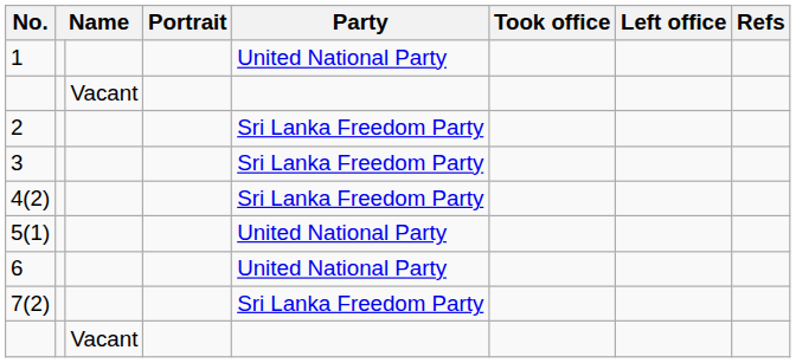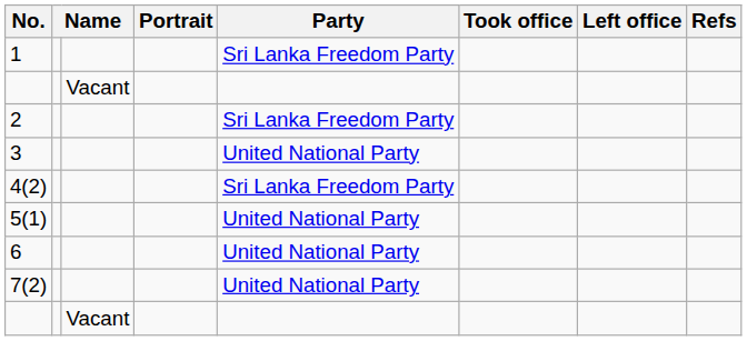 <table class="wikitable plainrowheaders sortable" style="font-size:100%; text-align:left;">
 <tr>
 <th>No.</th>
 <th colspan="2">Name</th>
 <th class=unsortable>Portrait</th>
 <th>Party</th>
 <th>Took office</th>
 <th>Left office</th>
 <th class=unsortable>Refs</th>
 </tr>
 <tr>
 <td>1</td>
 <td !align="center" style="background:"></td>
 <td></td>
 <td></td>
-<td><a href='#'>United National Party</a></td>
+<td><a href='#'>Sri Lanka Freedom Party</a></td>
 <td align=center></td>
 <td align=center></td>
 <td align=center></td>
 </tr>
 <tr>
 <td></td>
 <td></td>
 <td>Vacant</td>
 <td></td>
 <td></td>
 <td align=center></td>
 <td align=center></td>
 <td align=center></td>
 </tr>
 <tr>
 <td>2</td>
 <td !align="center" style="background:"></td>
 <td></td>
 <td></td>
 <td><a href='#'>Sri Lanka Freedom Party</a></td>
 <td align=center></td>
 <td align=center></td>
 <td align=center></td>
 </tr>
 <tr>
 <td>3</td>
 <td !align="center" style="background:"></td>
 <td></td>
 <td></td>
-<td><a href='#'>Sri Lanka Freedom Party</a></td>
+<td><a href='#'>United National Party</a></td>
 <td align=center></td>
 <td align=center></td>
 <td align=center></td>
 </tr>
 <tr>
 <td>4(2)</td>
 <td !align="center" style="background:"></td>
 <td></td>
 <td></td>
 <td><a href='#'>Sri Lanka Freedom Party</a></td>
 <td align=center></td>
 <td align=center></td>
 <td align=center></td>
 </tr>
 <tr>
 <td>5(1)</td>
 <td !align="center" style="background:"></td>
 <td></td>
 <td></td>
 <td><a href='#'>United National Party</a></td>
 <td align=center></td>
 <td align=center></td>
 <td align=center></td>
 </tr>
 <tr>
 <td>6</td>
 <td !align="center" style="background:"></td>
 <td></td>
 <td></td>
 <td><a href='#'>United National Party</a></td>
 <td align=center></td>
 <td align=center></td>
 <td align=center></td>
 </tr>
 <tr>
 <td>7(2)</td>
 <td !align="center" style="background:"></td>
 <td></td>
 <td></td>
-<td><a href='#'>Sri Lanka Freedom Party</a></td>
+<td><a href='#'>United National Party</a></td>
 <td align=center></td>
 <td align=center></td>
 <td align=center></td>
 </tr>
 <tr>
 <td></td>
 <td></td>
 <td>Vacant</td>
 <td></td>
 <td></td>
 <td align=center></td>
 <td></td>
 <td align=center></td>
 </tr>
 </table>
